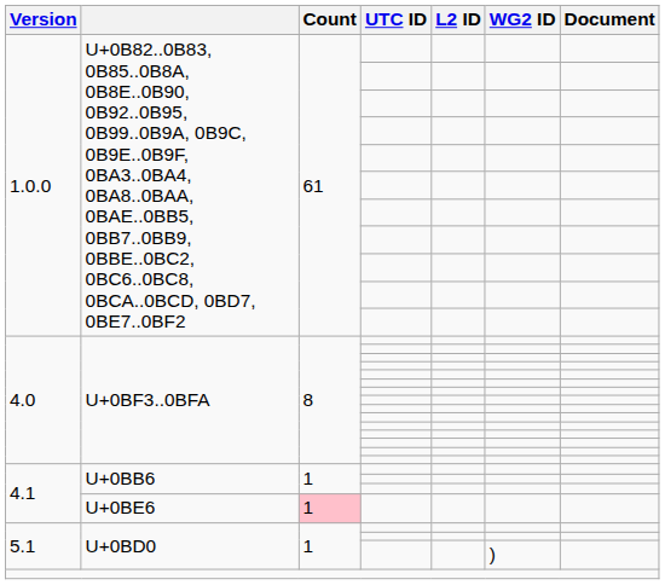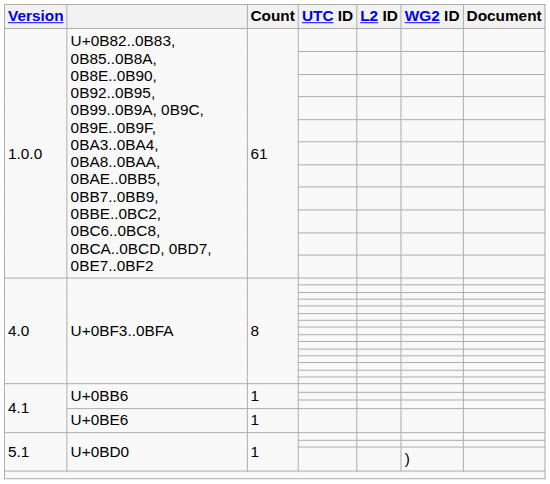 <table class="wikitable collapsible sticky-header">
 <tr>
 <th><a href='#'>Version</a></th>
 <th></th>
 <th>Count</th>
 <th><a href='#'>UTC</a> ID</th>
 <th><a href='#'>L2</a> ID</th>
 <th><a href='#'>WG2</a> ID</th>
 <th>Document</th>
 </tr>
 <tr>
 <td rowspan="11">1.0.0</td>
 <td rowspan="11" width="180">U+0B82..0B83, 0B85..0B8A, 0B8E..0B90, 0B92..0B95, 0B99..0B9A, 0B9C, 0B9E..0B9F, 0BA3..0BA4, 0BA8..0BAA, 0BAE..0BB5, 0BB7..0BB9, 0BBE..0BC2, 0BC6..0BC8, 0BCA..0BCD, 0BD7, 0BE7..0BF2</td>
 <td rowspan="11">61</td>
 <td></td>
 <td></td>
 <td></td>
 <td></td>
 </tr>
 <tr>
 <td></td>
 <td></td>
 <td></td>
 <td></td>
 </tr>
 <tr>
 <td></td>
 <td></td>
 <td></td>
 <td></td>
 </tr>
 <tr>
 <td></td>
 <td></td>
 <td></td>
 <td></td>
 </tr>
 <tr>
 <td></td>
 <td></td>
 <td></td>
 <td></td>
 </tr>
 <tr>
 <td></td>
 <td></td>
 <td></td>
 <td></td>
 </tr>
 <tr>
 <td></td>
 <td></td>
 <td></td>
 <td></td>
 </tr>
 <tr>
 <td></td>
 <td></td>
 <td></td>
 <td></td>
 </tr>
 <tr>
 <td></td>
 <td></td>
 <td></td>
 <td></td>
 </tr>
 <tr>
 <td></td>
 <td></td>
 <td></td>
 <td></td>
 </tr>
 <tr>
 <td></td>
 <td></td>
 <td></td>
 <td></td>
 </tr>
 <tr>
 <td rowspan="15">4.0</td>
 <td rowspan="15">U+0BF3..0BFA</td>
 <td rowspan="15">8</td>
 <td></td>
 <td></td>
 <td></td>
 <td></td>
 </tr>
 <tr>
 <td></td>
 <td></td>
 <td></td>
 <td></td>
 </tr>
 <tr>
 <td></td>
 <td></td>
 <td></td>
 <td></td>
 </tr>
 <tr>
 <td></td>
 <td></td>
 <td></td>
 <td></td>
 </tr>
 <tr>
 <td></td>
 <td></td>
 <td></td>
 <td></td>
 </tr>
 <tr>
 <td></td>
 <td></td>
 <td></td>
 <td></td>
 </tr>
 <tr>
 <td></td>
 <td></td>
 <td></td>
 <td></td>
 </tr>
 <tr>
 <td></td>
 <td></td>
 <td></td>
 <td></td>
 </tr>
 <tr>
 <td></td>
 <td></td>
 <td></td>
 <td></td>
 </tr>
 <tr>
 <td></td>
 <td></td>
 <td></td>
 <td></td>
 </tr>
 <tr>
 <td></td>
 <td></td>
 <td></td>
 <td></td>
 </tr>
 <tr>
 <td></td>
 <td></td>
 <td></td>
 <td></td>
 </tr>
 <tr>
 <td></td>
 <td></td>
 <td></td>
 <td></td>
 </tr>
 <tr>
 <td></td>
 <td></td>
 <td></td>
 <td></td>
 </tr>
 <tr>
 <td></td>
 <td></td>
 <td></td>
 <td></td>
 </tr>
 <tr>
 <td rowspan="4">4.1</td>
 <td rowspan="3">U+0BB6</td>
 <td rowspan="3">1</td>
 <td></td>
 <td></td>
 <td></td>
 <td></td>
 </tr>
 <tr>
 <td></td>
 <td></td>
 <td></td>
 <td></td>
 </tr>
 <tr>
 <td></td>
 <td></td>
 <td></td>
 <td></td>
 </tr>
 <tr>
 <td>U+0BE6</td>
-<td style="background: pink;">1</td>
+<td>1</td>
 <td></td>
 <td></td>
 <td></td>
 <td></td>
 </tr>
 <tr>
 <td rowspan="3">5.1</td>
 <td rowspan="3">U+0BD0</td>
 <td rowspan="3">1</td>
 <td></td>
 <td></td>
 <td></td>
 <td></td>
 </tr>
 <tr>
 <td></td>
 <td></td>
 <td></td>
 <td></td>
 </tr>
 <tr>
 <td></td>
 <td></td>
 <td> )</td>
 <td></td>
 </tr>
 <tr class="sortbottom">
 <td colspan="7"></td>
 </tr>
 </table>
